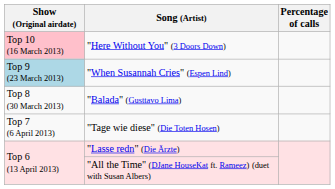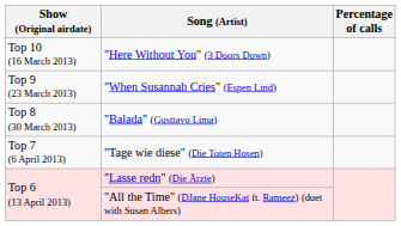 <table class="wikitable">
 <tr>
 <th style="width:120px;">Show<br><small>(Original airdate)</small></th>
 <th style="width:300px;">Song <small>(Artist)</small></th>
 <th style="width:28px;">Percentage of calls</th>
 </tr>
 <tr>
-<td align="left" style="background: pink;">Top 10<br><small>(16 March 2013)</small></td>
+<td align="left">Top 10<br><small>(16 March 2013)</small></td>
 <td align="left">"<a href='#'>Here Without You</a>" <small>(<a href='#'>3 Doors Down</a>)</small></td>
 <td style="text-align:center;"></td>
 </tr>
 <tr>
-<td align="left" style="background: lightblue;">Top 9<br><small>(23 March 2013)</small></td>
+<td align="left">Top 9<br><small>(23 March 2013)</small></td>
 <td align="left">"<a href='#'>When Susannah Cries</a>" <small>(<a href='#'>Espen Lind</a>)</small></td>
 <td style="text-align:center;"></td>
 </tr>
 <tr>
 <td align="left">Top 8<br><small>(30 March 2013)</small></td>
 <td align="left">"<a href='#'>Balada</a>" <small>(<a href='#'>Gusttavo Lima</a>)</small></td>
 <td style="text-align:center;"></td>
 </tr>
 <tr>
 <td align="left">Top 7<br><small>(6 April 2013)</small></td>
 <td align="left">"Tage wie diese" <small>(<a href='#'>Die Toten Hosen</a>)</small></td>
 <td style="text-align:center;"></td>
 </tr>
 <tr bgcolor="#FFE1E4">
 <td align="left" rowspan=2>Top 6<br><small>(13 April 2013)</small></td>
 <td align="left">"<a href='#'>Lasse redn</a>" <small>(<a href='#'>Die Ärzte</a>)</small></td>
 <td style="text-align:center;" rowspan=2></td>
 </tr>
 <tr bgcolor="#FFE1E4">
 <td align="left">"All the Time" <small>(<a href='#'>DJane HouseKat</a> ft. <a href='#'>Rameez</a>)</small> <small>(duet with Susan Albers)</small></td>
 </tr>
 </table>
